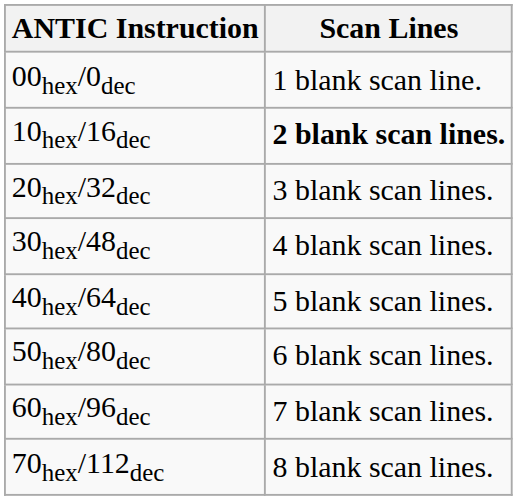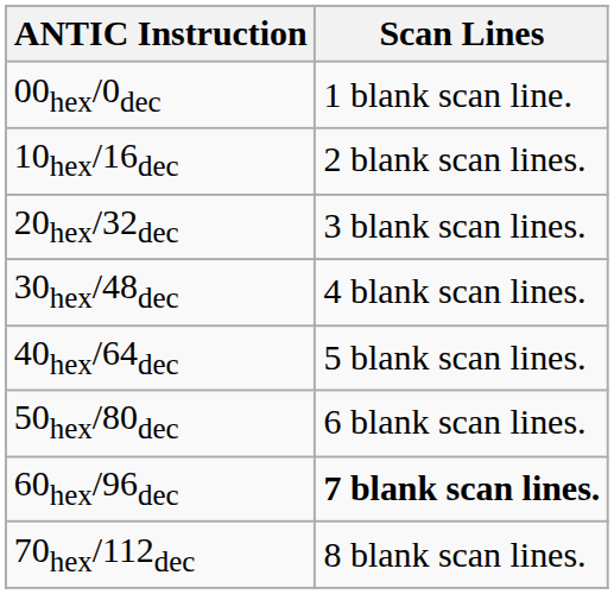 <table class="wikitable">
 <tr>
 <th>ANTIC Instruction</th>
 <th>Scan Lines</th>
 </tr>
 <tr>
 <td>00<sub>hex</sub>/0<sub>dec</sub></td>
 <td>1 blank scan line.</td>
 </tr>
 <tr>
 <td>10<sub>hex</sub>/16<sub>dec</sub></td>
-<td><strong>2 blank scan lines.</strong></td>
+<td>2 blank scan lines.</td>
 </tr>
 <tr>
 <td>20<sub>hex</sub>/32<sub>dec</sub></td>
 <td>3 blank scan lines.</td>
 </tr>
 <tr>
 <td>30<sub>hex</sub>/48<sub>dec</sub></td>
 <td>4 blank scan lines.</td>
 </tr>
 <tr>
 <td>40<sub>hex</sub>/64<sub>dec</sub></td>
 <td>5 blank scan lines.</td>
 </tr>
 <tr>
 <td>50<sub>hex</sub>/80<sub>dec</sub></td>
 <td>6 blank scan lines.</td>
 </tr>
 <tr>
 <td>60<sub>hex</sub>/96<sub>dec</sub></td>
-<td>7 blank scan lines.</td>
+<td><strong>7 blank scan lines.</strong></td>
 </tr>
 <tr>
 <td>70<sub>hex</sub>/112<sub>dec</sub></td>
 <td>8 blank scan lines.</td>
 </tr>
 </table>
